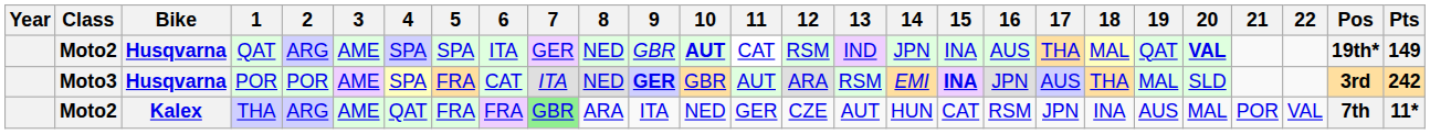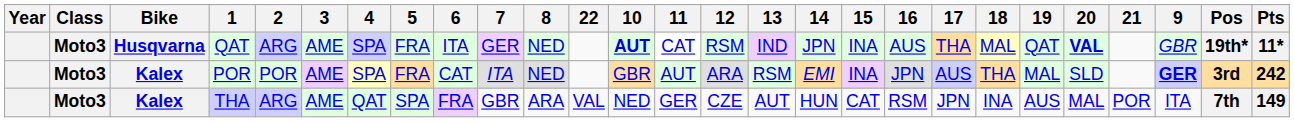 <table class="wikitable" style="text-align:center;">
 <tr>
 <th>Year</th>
 <th>Class</th>
 <th>Bike</th>
 <th>1</th>
 <th>2</th>
 <th>3</th>
 <th>4</th>
 <th>5</th>
 <th>6</th>
 <th>7</th>
 <th>8</th>
-<th>9</th>
+<th>22</th>
 <th>10</th>
 <th>11</th>
 <th>12</th>
 <th>13</th>
 <th>14</th>
 <th>15</th>
 <th>16</th>
 <th>17</th>
 <th>18</th>
 <th>19</th>
 <th>20</th>
 <th>21</th>
-<th>22</th>
+<th>9</th>
 <th>Pos</th>
 <th>Pts</th>
 </tr>
 <tr>
 <th></th>
-<th>Moto2</th>
+<th>Moto3</th>
 <th><a href='#'>Husqvarna</a></th>
 <td style="background:#dfffdf;"><a href='#'>QAT</a><br></td>
 <td style="background:#cfcfff;"><a href='#'>ARG</a><br></td>
 <td style="background:#dfffdf;"><a href='#'>AME</a><br></td>
 <td style="background:#cfcfff;"><a href='#'>SPA</a><br></td>
-<td style="background:#DFFFDF;"><a href='#'>SPA</a><br></td>
+<td style="background:#dfffdf;"><a href='#'>FRA</a><br></td>
 <td style="background:#dfffdf;"><a href='#'>ITA</a><br></td>
 <td style="background:#efcfff;"><a href='#'>GER</a><br></td>
 <td style="background:#dfffdf;"><a href='#'>NED</a><br></td>
-<td style="background:#dfffdf;"><em><a href='#'>GBR</a></em><br></td>
+<td></td>
 <td style="background:#dfffdf;"><strong><a href='#'>AUT</a></strong><br></td>
 <td style="background:#FFFFFF;"><a href='#'>CAT</a><br></td>
 <td style="background:#dfffdf;"><a href='#'>RSM</a><br></td>
 <td style="background:#efcfff;"><a href='#'>IND</a><br></td>
 <td style="background:#dfffdf;"><a href='#'>JPN</a><br></td>
 <td style="background:#dfffdf;"><a href='#'>INA</a><br></td>
 <td style="background:#dfffdf;"><a href='#'>AUS</a><br></td>
 <td style="background:#ffdf9f;"><a href='#'>THA</a><br></td>
 <td style="background:#ffffbf;"><a href='#'>MAL</a><br></td>
 <td style="background:#dfffdf;"><a href='#'>QAT</a><br></td>
 <td style="background:#dfffdf;"><strong><a href='#'>VAL</a></strong><br></td>
 <td></td>
-<td></td>
+<td style="background:#dfffdf;"><em><a href='#'>GBR</a></em><br></td>
 <th>19th*</th>
-<th>149</th>
+<th>11*</th>
 </tr>
 <tr>
 <th></th>
 <th>Moto3</th>
-<th><a href='#'>Husqvarna</a></th>
+<th><a href='#'>Kalex</a></th>
 <td style="background:#dfffdf;"><a href='#'>POR</a><br></td>
 <td style="background:#dfffdf;"><a href='#'>POR</a><br></td>
 <td style="background:#efcfff;"><a href='#'>AME</a><br></td>
 <td style="background:#ffffbf;"><a href='#'>SPA</a><br></td>
 <td style="background:#ffdf9f;"><a href='#'>FRA</a><br></td>
 <td style="background:#dfffdf;"><a href='#'>CAT</a><br></td>
 <td style="background:#dfdfdf;"><em><a href='#'>ITA</a></em><br></td>
 <td style="background:#dfdfdf;"><a href='#'>NED</a><br></td>
-<td style="background:#cfcfff;"><strong><a href='#'>GER</a></strong><br></td>
+<td></td>
 <td style="background:#ffdf9f;"><a href='#'>GBR</a><br></td>
 <td style="background:#dfffdf;"><a href='#'>AUT</a><br></td>
 <td style="background:#dfdfdf;"><a href='#'>ARA</a><br></td>
 <td style="background:#dfffdf;"><a href='#'>RSM</a><br></td>
 <td style="background:#ffdf9f;"><em><a href='#'>EMI</a></em><br></td>
-<td style="background:#efcfff;"><strong><a href='#'>INA</a><br></strong></td>
+<td style="background:#efcfff;"><a href='#'>INA</a><br></td>
 <td style="background:#dfdfdf;"><a href='#'>JPN</a><br></td>
 <td style="background:#cfcfff;"><a href='#'>AUS</a><br></td>
 <td style="background:#ffdf9f;"><a href='#'>THA</a><br></td>
 <td style="background:#dfffdf;"><a href='#'>MAL</a><br></td>
 <td style="background:#dfffdf;"><a href='#'>SLD</a><br></td>
 <td></td>
-<td></td>
+<td style="background:#cfcfff;"><strong><a href='#'>GER</a></strong><br></td>
 <th style="background:#ffdf9f;">3rd</th>
 <th style="background:#ffdf9f;">242</th>
 </tr>
 <tr>
 <th></th>
-<th>Moto2</th>
+<th>Moto3</th>
 <th><a href='#'>Kalex</a></th>
 <td style="background:#CFCFFF;"><a href='#'>THA</a><br></td>
 <td style="background:#CFCFFF;"><a href='#'>ARG</a><br></td>
 <td style="background:#DFFFDF;"><a href='#'>AME</a><br></td>
 <td style="background:#DFFFDF;"><a href='#'>QAT</a><br></td>
-<td style="background:#dfffdf;"><a href='#'>FRA</a><br></td>
+<td style="background:#DFFFDF;"><a href='#'>SPA</a><br></td>
 <td style="background:#EFCFFF;"><a href='#'>FRA</a><br></td>
-<td style="background: lightgreen;"><a href='#'>GBR</a></td>
+<td><a href='#'>GBR</a></td>
 <td style="background:#;"><a href='#'>ARA</a><br></td>
-<td style="background:#;"><a href='#'>ITA</a><br></td>
+<td style="background:#;"><a href='#'>VAL</a><br></td>
 <td style="background:#;"><a href='#'>NED</a><br></td>
 <td style="background:#;"><a href='#'>GER</a><br></td>
 <td style="background:#;"><a href='#'>CZE</a><br></td>
 <td style="background:#;"><a href='#'>AUT</a><br></td>
 <td style="background:#;"><a href='#'>HUN</a><br></td>
 <td style="background:#;"><a href='#'>CAT</a><br></td>
 <td style="background:#;"><a href='#'>RSM</a><br></td>
 <td style="background:#;"><a href='#'>JPN</a><br></td>
 <td style="background:#;"><a href='#'>INA</a><br></td>
 <td style="background:#;"><a href='#'>AUS</a><br></td>
 <td style="background:#;"><a href='#'>MAL</a><br></td>
 <td style="background:#;"><a href='#'>POR</a><br></td>
-<td style="background:#;"><a href='#'>VAL</a><br></td>
+<td style="background:#;"><a href='#'>ITA</a><br></td>
 <th>7th</th>
-<th>11*</th>
+<th>149</th>
 </tr>
 </table>
